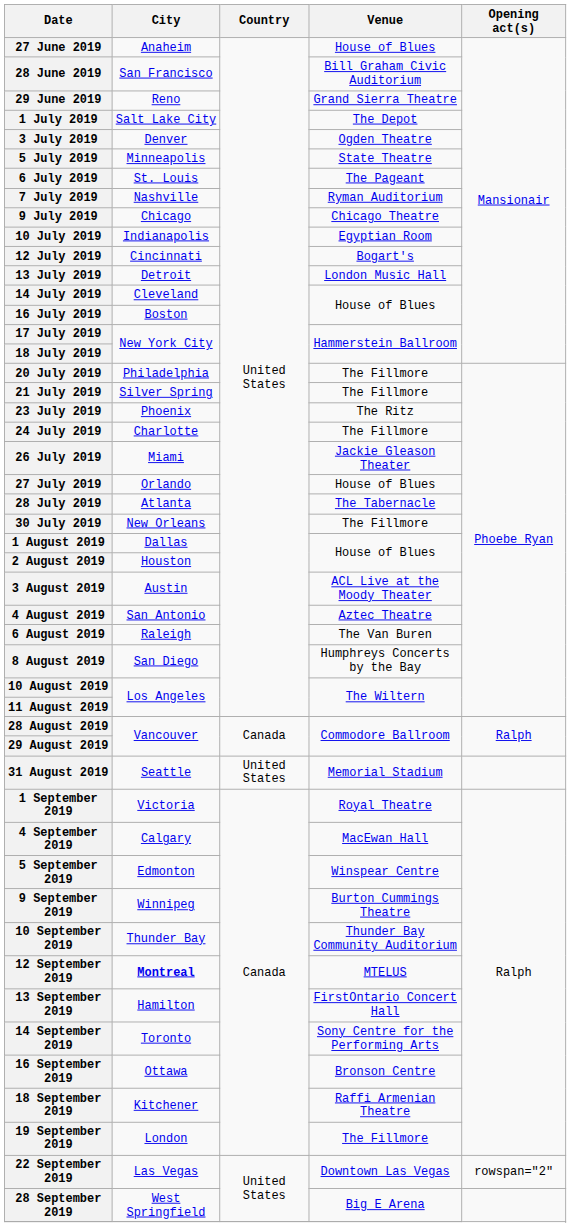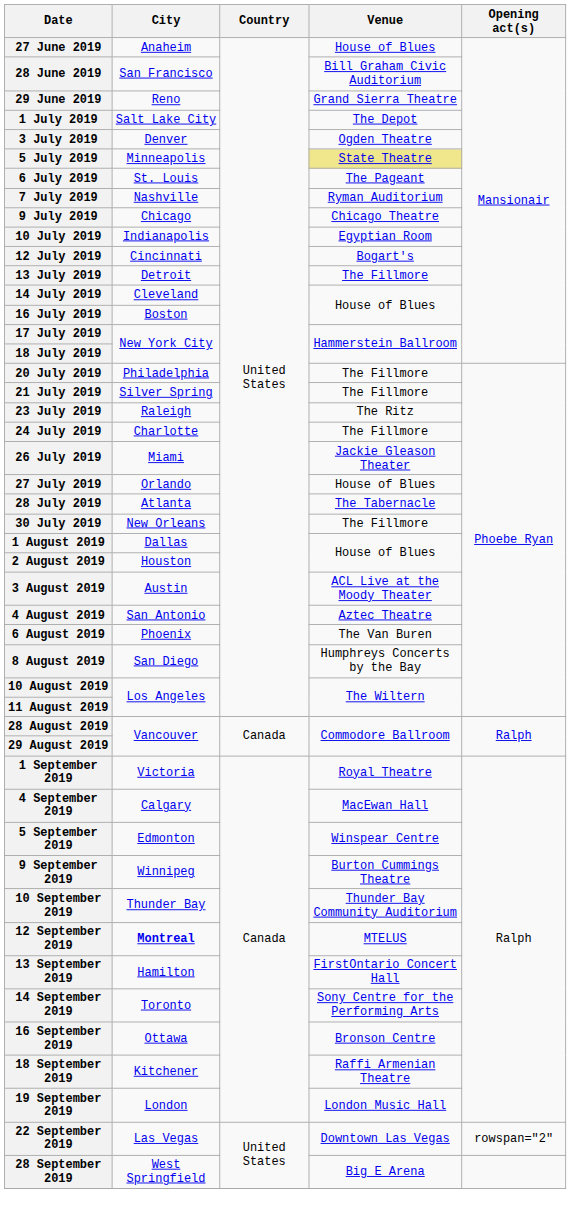 <table class="wikitable plainrowheaders" style="text-align:center;">
 <tr>
 <th scope="col" style="width:12em;">Date</th>
 <th scope="col" style="width:10em;">City</th>
 <th scope="col" style="width:10em;">Country</th>
 <th scope="col" style="width:18em;">Venue</th>
 <th scope="col" style="width:10em;">Opening act(s)</th>
 </tr>
 <tr>
 <th scope="row">27 June 2019</th>
 <td><a href='#'>Anaheim</a></td>
 <td rowspan="32">United States</td>
 <td><a href='#'>House of Blues</a></td>
 <td rowspan="16"><a href='#'>Mansionair</a></td>
 </tr>
 <tr>
 <th scope="row">28 June 2019</th>
 <td><a href='#'>San Francisco</a></td>
 <td><a href='#'>Bill Graham Civic Auditorium</a></td>
 </tr>
 <tr>
 <th scope="row">29 June 2019</th>
 <td><a href='#'>Reno</a></td>
 <td><a href='#'>Grand Sierra Theatre</a></td>
 </tr>
 <tr>
 <th scope="row">1 July 2019</th>
 <td><a href='#'>Salt Lake City</a></td>
 <td><a href='#'>The Depot</a></td>
 </tr>
 <tr>
 <th scope="row">3 July 2019</th>
 <td><a href='#'>Denver</a></td>
 <td><a href='#'>Ogden Theatre</a></td>
 </tr>
 <tr>
 <th scope="row">5 July 2019</th>
 <td><a href='#'>Minneapolis</a></td>
-<td><a href='#'>State Theatre</a></td>
+<td style="background: khaki;"><a href='#'>State Theatre</a></td>
 </tr>
 <tr>
 <th scope="row">6 July 2019</th>
 <td><a href='#'>St. Louis</a></td>
 <td><a href='#'>The Pageant</a></td>
 </tr>
 <tr>
 <th scope="row">7 July 2019</th>
 <td><a href='#'>Nashville</a></td>
 <td><a href='#'>Ryman Auditorium</a></td>
 </tr>
 <tr>
 <th scope="row">9 July 2019</th>
 <td><a href='#'>Chicago</a></td>
 <td><a href='#'>Chicago Theatre</a></td>
 </tr>
 <tr>
 <th scope="row">10 July 2019</th>
 <td><a href='#'>Indianapolis</a></td>
 <td><a href='#'>Egyptian Room</a></td>
 </tr>
 <tr>
 <th scope="row">12 July 2019</th>
 <td><a href='#'>Cincinnati</a></td>
 <td><a href='#'>Bogart's</a></td>
 </tr>
 <tr>
 <th scope="row">13 July 2019</th>
 <td><a href='#'>Detroit</a></td>
-<td><a href='#'>London Music Hall</a></td>
+<td><a href='#'>The Fillmore</a></td>
 </tr>
 <tr>
 <th scope="row">14 July 2019</th>
 <td><a href='#'>Cleveland</a></td>
 <td rowspan="2">House of Blues</td>
 </tr>
 <tr>
 <th scope="row">16 July 2019</th>
 <td><a href='#'>Boston</a></td>
 </tr>
 <tr>
 <th scope="row">17 July 2019</th>
 <td rowspan="2"><a href='#'>New York City</a></td>
 <td rowspan="2"><a href='#'>Hammerstein Ballroom</a></td>
 </tr>
 <tr>
 <th scope="row">18 July 2019</th>
 </tr>
 <tr>
 <th scope="row">20 July 2019</th>
 <td><a href='#'>Philadelphia</a></td>
 <td>The Fillmore</td>
 <td rowspan="16"><a href='#'>Phoebe Ryan</a></td>
 </tr>
 <tr>
 <th scope="row">21 July 2019</th>
 <td><a href='#'>Silver Spring</a></td>
 <td>The Fillmore</td>
 </tr>
 <tr>
 <th scope="row">23 July 2019</th>
-<td><a href='#'>Phoenix</a></td>
+<td><a href='#'>Raleigh</a></td>
 <td>The Ritz</td>
 </tr>
 <tr>
 <th scope="row">24 July 2019</th>
 <td><a href='#'>Charlotte</a></td>
 <td>The Fillmore</td>
 </tr>
 <tr>
 <th scope="row">26 July 2019</th>
 <td><a href='#'>Miami</a></td>
 <td><a href='#'>Jackie Gleason Theater</a></td>
 </tr>
 <tr>
 <th scope="row">27 July 2019</th>
 <td><a href='#'>Orlando</a></td>
 <td>House of Blues</td>
 </tr>
 <tr>
 <th scope="row">28 July 2019</th>
 <td><a href='#'>Atlanta</a></td>
 <td><a href='#'>The Tabernacle</a></td>
 </tr>
 <tr>
 <th scope="row">30 July 2019</th>
 <td><a href='#'>New Orleans</a></td>
 <td>The Fillmore</td>
 </tr>
 <tr>
 <th scope="row">1 August 2019</th>
 <td><a href='#'>Dallas</a></td>
 <td rowspan="2">House of Blues</td>
 </tr>
 <tr>
 <th scope="row">2 August 2019</th>
 <td><a href='#'>Houston</a></td>
 </tr>
 <tr>
 <th scope="row">3 August 2019</th>
 <td><a href='#'>Austin</a></td>
 <td><a href='#'>ACL Live at the Moody Theater</a></td>
 </tr>
 <tr>
 <th scope="row">4 August 2019</th>
 <td><a href='#'>San Antonio</a></td>
 <td><a href='#'>Aztec Theatre</a></td>
 </tr>
 <tr>
 <th scope="row">6 August 2019</th>
-<td><a href='#'>Raleigh</a></td>
+<td><a href='#'>Phoenix</a></td>
 <td>The Van Buren</td>
 </tr>
 <tr>
 <th scope="row">8 August 2019</th>
 <td><a href='#'>San Diego</a></td>
 <td>Humphreys Concerts by the Bay</td>
 </tr>
 <tr>
 <th scope="row">10 August 2019</th>
 <td rowspan="2"><a href='#'>Los Angeles</a></td>
 <td rowspan="2"><a href='#'>The Wiltern</a></td>
 </tr>
 <tr>
 <th scope="row">11 August 2019</th>
 </tr>
 <tr>
 <th scope="row">28 August 2019</th>
 <td rowspan="2"><a href='#'>Vancouver</a></td>
 <td rowspan="2">Canada</td>
 <td rowspan="2"><a href='#'>Commodore Ballroom</a></td>
 <td rowspan="2"><a href='#'>Ralph</a></td>
 </tr>
 <tr>
 <th scope="row">29 August 2019</th>
-</tr>
-<tr>
-<th scope="row">31 August 2019</th>
-<td><a href='#'>Seattle</a></td>
-<td>United States</td>
-<td><a href='#'>Memorial Stadium</a></td>
-<td></td>
 </tr>
 <tr>
 <th scope="row">1 September 2019</th>
 <td><a href='#'>Victoria</a></td>
 <td rowspan="11">Canada</td>
 <td><a href='#'>Royal Theatre</a></td>
 <td rowspan="11">Ralph</td>
 </tr>
 <tr>
 <th scope="row">4 September 2019</th>
 <td><a href='#'>Calgary</a></td>
 <td><a href='#'>MacEwan Hall</a></td>
 </tr>
 <tr>
 <th scope="row">5 September 2019</th>
 <td><a href='#'>Edmonton</a></td>
 <td><a href='#'>Winspear Centre</a></td>
 </tr>
 <tr>
 <th scope="row">9 September 2019</th>
 <td><a href='#'>Winnipeg</a></td>
 <td><a href='#'>Burton Cummings Theatre</a></td>
 </tr>
 <tr>
 <th scope="row">10 September 2019</th>
 <td><a href='#'>Thunder Bay</a></td>
 <td><a href='#'>Thunder Bay Community Auditorium</a></td>
 </tr>
 <tr>
 <th scope="row">12 September 2019</th>
 <td><strong><a href='#'>Montreal</a></strong></td>
 <td><a href='#'>MTELUS</a></td>
 </tr>
 <tr>
 <th scope="row">13 September 2019</th>
 <td><a href='#'>Hamilton</a></td>
 <td><a href='#'>FirstOntario Concert Hall</a></td>
 </tr>
 <tr>
 <th scope="row">14 September 2019</th>
 <td><a href='#'>Toronto</a></td>
 <td><a href='#'>Sony Centre for the Performing Arts</a></td>
 </tr>
 <tr>
 <th scope="row">16 September 2019</th>
 <td><a href='#'>Ottawa</a></td>
 <td><a href='#'>Bronson Centre</a></td>
 </tr>
 <tr>
 <th scope="row">18 September 2019</th>
 <td><a href='#'>Kitchener</a></td>
 <td><a href='#'>Raffi Armenian Theatre</a></td>
 </tr>
 <tr>
 <th scope="row">19 September 2019</th>
 <td><a href='#'>London</a></td>
-<td><a href='#'>The Fillmore</a></td>
+<td><a href='#'>London Music Hall</a></td>
 </tr>
 <tr>
 <th scope="row">22 September 2019</th>
 <td><a href='#'>Las Vegas</a></td>
 <td rowspan="2">United States</td>
 <td><a href='#'>Downtown Las Vegas</a></td>
 <td>rowspan="2" </td>
 </tr>
 <tr>
 <th scope="row">28 September 2019</th>
 <td><a href='#'>West Springfield</a></td>
 <td><a href='#'>Big E Arena</a></td>
 </tr>
 <tr>
 </tr>
 </table>
